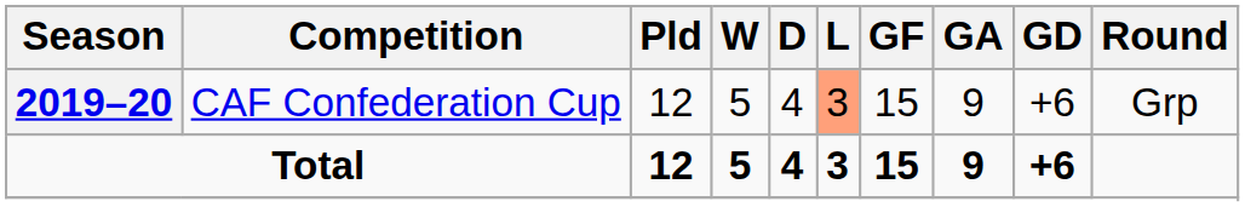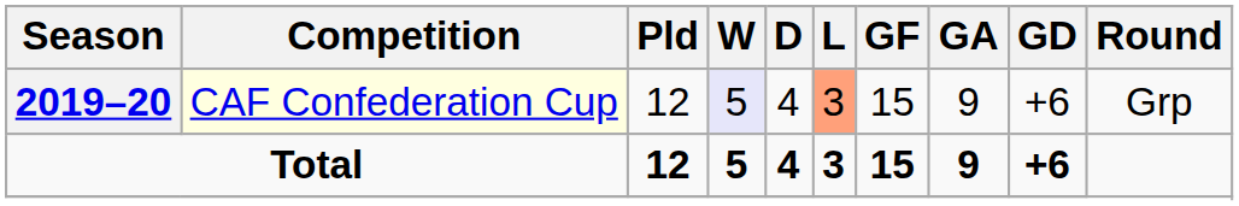 <table class="wikitable plainrowheaders sortable" style="text-align:center;">
 <tr>
 <th scope="col">Season</th>
 <th scope="col">Competition</th>
 <th scope="col">Pld</th>
 <th scope="col">W</th>
 <th scope="col">D</th>
 <th scope="col">L</th>
 <th scope="col">GF</th>
 <th scope="col">GA</th>
 <th scope="col">GD</th>
 <th scope="col">Round</th>
 </tr>
 <tr>
 <th scope="row" style="text-align:center"><a href='#'>2019–20</a></th>
-<td align=left><a href='#'>CAF Confederation Cup</a></td>
+<td align=left style="background: lightyellow;"><a href='#'>CAF Confederation Cup</a></td>
 <td>12</td>
-<td>5</td>
+<td style="background: lavender;">5</td>
 <td>4</td>
 <td style="background: lightsalmon;">3</td>
 <td>15</td>
 <td>9</td>
 <td>+6</td>
 <td>Grp</td>
 </tr>
 <tr>
 <td colspan=2 align-"center"><strong>Total</strong></td>
 <td><strong>12</strong></td>
 <td><strong>5</strong></td>
 <td><strong>4</strong></td>
 <td><strong>3</strong></td>
 <td><strong>15</strong></td>
 <td><strong>9</strong></td>
 <td><strong>+6</strong></td>
 </tr>
 <tr>
 </tr>
 </table>
